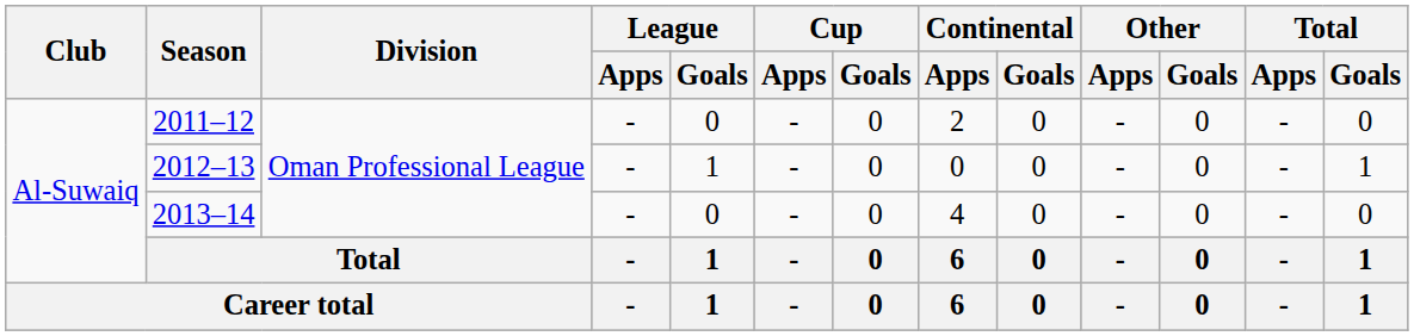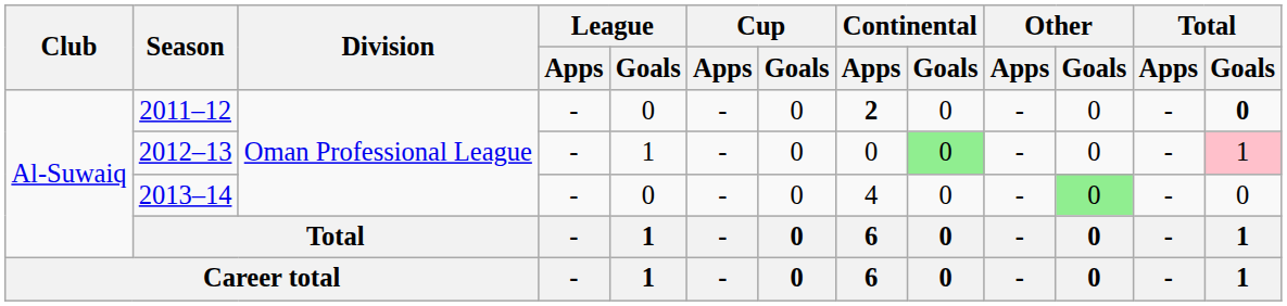 <table class="wikitable" style="text-align: center;">
 <tr>
 <th rowspan="2">Club</th>
 <th rowspan="2">Season</th>
 <th rowspan="2">Division</th>
 <th colspan="2">League</th>
 <th colspan="2">Cup</th>
 <th colspan="2">Continental</th>
 <th colspan="2">Other</th>
 <th colspan="2">Total</th>
 </tr>
 <tr>
 <th>Apps</th>
 <th>Goals</th>
 <th>Apps</th>
 <th>Goals</th>
 <th>Apps</th>
 <th>Goals</th>
 <th>Apps</th>
 <th>Goals</th>
 <th>Apps</th>
 <th>Goals</th>
 </tr>
 <tr>
 <td rowspan="4"><a href='#'>Al-Suwaiq</a></td>
 <td><a href='#'>2011–12</a></td>
 <td rowspan="3"><a href='#'>Oman Professional League</a></td>
 <td>-</td>
 <td>0</td>
 <td>-</td>
 <td>0</td>
-<td>2</td>
+<td><strong>2</strong></td>
 <td>0</td>
 <td>-</td>
 <td>0</td>
 <td>-</td>
-<td>0</td>
+<td><strong>0</strong></td>
 </tr>
 <tr>
 <td><a href='#'>2012–13</a></td>
 <td>-</td>
 <td>1</td>
 <td>-</td>
 <td>0</td>
 <td>0</td>
-<td>0</td>
+<td style="background: lightgreen;">0</td>
 <td>-</td>
 <td>0</td>
 <td>-</td>
-<td>1</td>
+<td style="background: pink;">1</td>
 </tr>
 <tr>
 <td><a href='#'>2013–14</a></td>
 <td>-</td>
 <td>0</td>
 <td>-</td>
 <td>0</td>
 <td>4</td>
 <td>0</td>
 <td>-</td>
-<td>0</td>
+<td style="background: lightgreen;">0</td>
 <td>-</td>
 <td>0</td>
 </tr>
 <tr>
 <th colspan="2">Total</th>
 <th>-</th>
 <th>1</th>
 <th>-</th>
 <th>0</th>
 <th>6</th>
 <th>0</th>
 <th>-</th>
 <th>0</th>
 <th>-</th>
 <th>1</th>
 </tr>
 <tr>
 <th colspan="3">Career total</th>
 <th>-</th>
 <th>1</th>
 <th>-</th>
 <th>0</th>
 <th>6</th>
 <th>0</th>
 <th>-</th>
 <th>0</th>
 <th>-</th>
 <th>1</th>
 </tr>
 </table>
